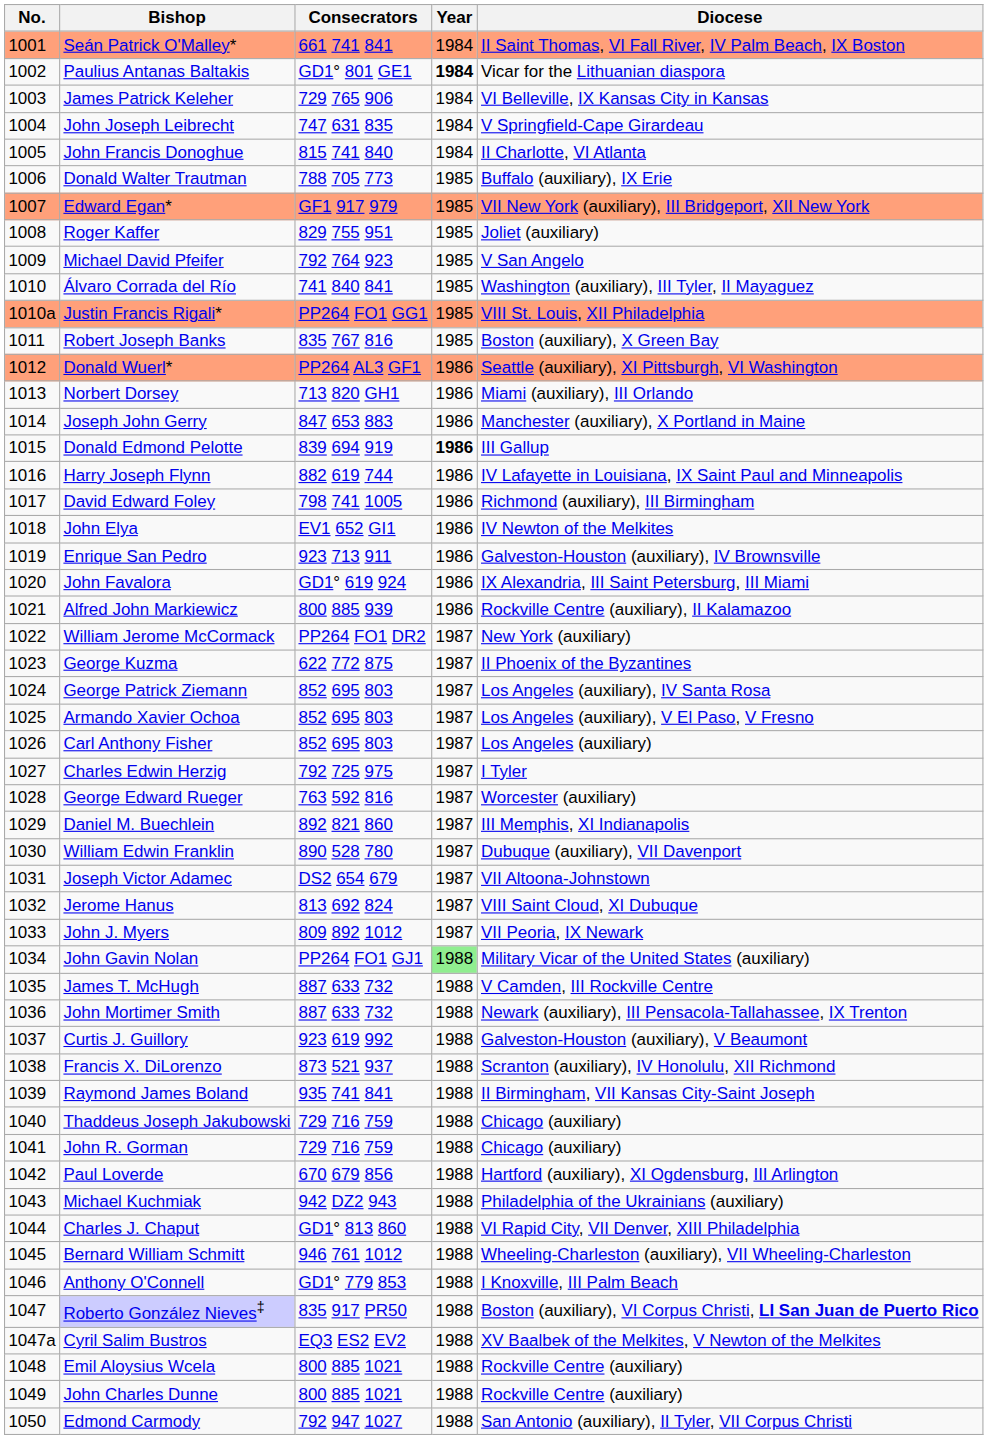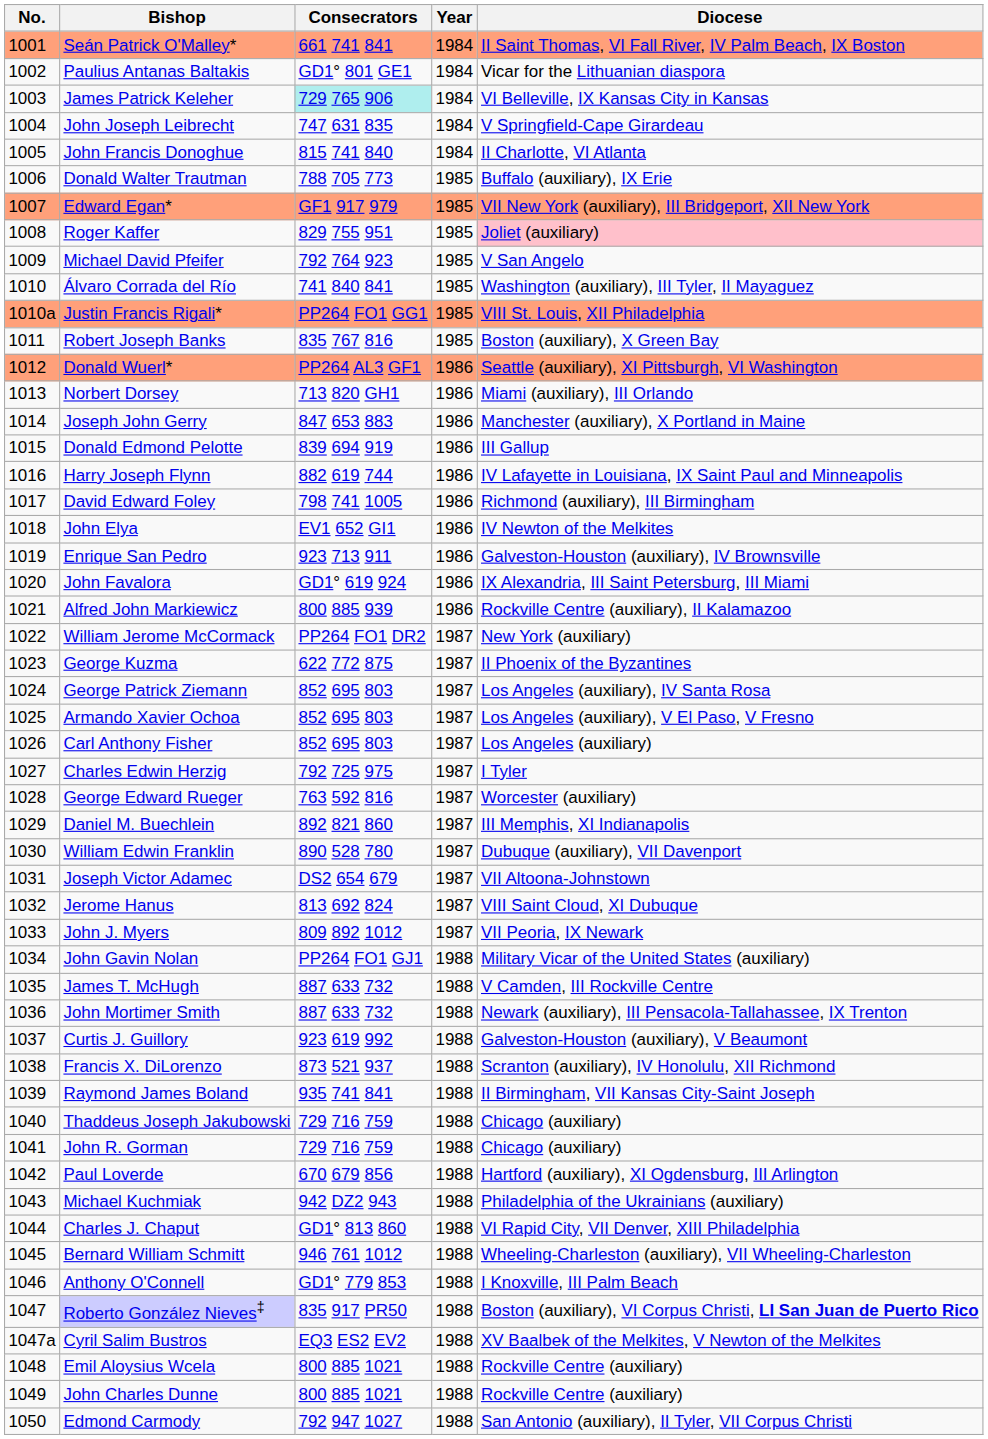 <table class="wikitable">
 <tr>
 <th>No.</th>
 <th>Bishop</th>
 <th>Consecrators</th>
 <th>Year</th>
 <th>Diocese</th>
 </tr>
 <tr bgcolor="#FFA07A">
 <td>1001</td>
 <td><a href='#'>Seán Patrick O'Malley</a>*</td>
 <td><a href='#'>661</a> <a href='#'>741</a> <a href='#'>841</a></td>
 <td>1984</td>
 <td><a href='#'>II Saint Thomas</a>, <a href='#'>VI Fall River</a>, <a href='#'>IV Palm Beach</a>, <a href='#'>IX Boston</a></td>
 </tr>
 <tr>
 <td>1002</td>
 <td><a href='#'>Paulius Antanas Baltakis</a></td>
 <td><a href='#'>GD1</a>° <a href='#'>801</a> <a href='#'>GE1</a></td>
-<td><strong>1984</strong></td>
+<td>1984</td>
 <td>Vicar for the <a href='#'>Lithuanian diaspora</a></td>
 </tr>
 <tr>
 <td>1003</td>
 <td><a href='#'>James Patrick Keleher</a></td>
-<td><a href='#'>729</a> <a href='#'>765</a> <a href='#'>906</a></td>
+<td style="background: paleturquoise;"><a href='#'>729</a> <a href='#'>765</a> <a href='#'>906</a></td>
 <td>1984</td>
 <td><a href='#'>VI Belleville</a>, <a href='#'>IX Kansas City in Kansas</a></td>
 </tr>
 <tr>
 <td>1004</td>
 <td><a href='#'>John Joseph Leibrecht</a></td>
 <td><a href='#'>747</a> <a href='#'>631</a> <a href='#'>835</a></td>
 <td>1984</td>
 <td><a href='#'>V Springfield-Cape Girardeau</a></td>
 </tr>
 <tr>
 <td>1005</td>
 <td><a href='#'>John Francis Donoghue</a></td>
 <td><a href='#'>815</a> <a href='#'>741</a> <a href='#'>840</a></td>
 <td>1984</td>
 <td><a href='#'>II Charlotte</a>, <a href='#'>VI Atlanta</a></td>
 </tr>
 <tr>
 <td>1006</td>
 <td><a href='#'>Donald Walter Trautman</a></td>
 <td><a href='#'>788</a> <a href='#'>705</a> <a href='#'>773</a></td>
 <td>1985</td>
 <td><a href='#'>Buffalo</a> (auxiliary), <a href='#'>IX Erie</a></td>
 </tr>
 <tr bgcolor="#FFA07A">
 <td>1007</td>
 <td><a href='#'>Edward Egan</a>*</td>
 <td><a href='#'>GF1</a> <a href='#'>917</a> <a href='#'>979</a></td>
 <td>1985</td>
 <td><a href='#'>VII New York</a> (auxiliary), <a href='#'>III Bridgeport</a>, <a href='#'>XII New York</a></td>
 </tr>
 <tr>
 <td>1008</td>
 <td><a href='#'>Roger Kaffer</a></td>
 <td><a href='#'>829</a> <a href='#'>755</a> <a href='#'>951</a></td>
 <td>1985</td>
-<td><a href='#'>Joliet</a> (auxiliary)</td>
+<td style="background: pink;"><a href='#'>Joliet</a> (auxiliary)</td>
 </tr>
 <tr>
 <td>1009</td>
 <td><a href='#'>Michael David Pfeifer</a></td>
 <td><a href='#'>792</a> <a href='#'>764</a> <a href='#'>923</a></td>
 <td>1985</td>
 <td><a href='#'>V San Angelo</a></td>
 </tr>
 <tr>
 <td>1010</td>
 <td><a href='#'>Álvaro Corrada del Río</a></td>
 <td><a href='#'>741</a> <a href='#'>840</a> <a href='#'>841</a></td>
 <td>1985</td>
 <td><a href='#'>Washington</a> (auxiliary), <a href='#'>III Tyler</a>, <a href='#'>II Mayaguez</a></td>
 </tr>
 <tr bgcolor="#FFA07A">
 <td>1010a</td>
 <td><a href='#'>Justin Francis Rigali</a>*</td>
 <td><a href='#'>PP264</a> <a href='#'>FO1</a> <a href='#'>GG1</a></td>
 <td>1985</td>
 <td><a href='#'>VIII St. Louis</a>, <a href='#'>XII Philadelphia</a></td>
 </tr>
 <tr>
 <td>1011</td>
 <td><a href='#'>Robert Joseph Banks</a></td>
 <td><a href='#'>835</a> <a href='#'>767</a> <a href='#'>816</a></td>
 <td>1985</td>
 <td><a href='#'>Boston</a> (auxiliary), <a href='#'>X Green Bay</a></td>
 </tr>
 <tr bgcolor="#FFA07A">
 <td>1012</td>
 <td><a href='#'>Donald Wuerl</a>*</td>
 <td><a href='#'>PP264</a> <a href='#'>AL3</a> <a href='#'>GF1</a></td>
 <td>1986</td>
 <td><a href='#'>Seattle</a> (auxiliary), <a href='#'>XI Pittsburgh</a>, <a href='#'>VI Washington</a></td>
 </tr>
 <tr>
 <td>1013</td>
 <td><a href='#'>Norbert Dorsey</a></td>
 <td><a href='#'>713</a> <a href='#'>820</a> <a href='#'>GH1</a></td>
 <td>1986</td>
 <td><a href='#'>Miami</a> (auxiliary), <a href='#'>III Orlando</a></td>
 </tr>
 <tr>
 <td>1014</td>
 <td><a href='#'>Joseph John Gerry</a></td>
 <td><a href='#'>847</a> <a href='#'>653</a> <a href='#'>883</a></td>
 <td>1986</td>
 <td><a href='#'>Manchester</a> (auxiliary), <a href='#'>X Portland in Maine</a></td>
 </tr>
 <tr>
 <td>1015</td>
 <td><a href='#'>Donald Edmond Pelotte</a></td>
 <td><a href='#'>839</a> <a href='#'>694</a> <a href='#'>919</a></td>
-<td><strong>1986</strong></td>
+<td>1986</td>
 <td><a href='#'>III Gallup</a></td>
 </tr>
 <tr>
 <td>1016</td>
 <td><a href='#'>Harry Joseph Flynn</a></td>
 <td><a href='#'>882</a> <a href='#'>619</a> <a href='#'>744</a></td>
 <td>1986</td>
 <td><a href='#'>IV Lafayette in Louisiana</a>, <a href='#'>IX Saint Paul and Minneapolis</a></td>
 </tr>
 <tr>
 <td>1017</td>
 <td><a href='#'>David Edward Foley</a></td>
 <td><a href='#'>798</a> <a href='#'>741</a> <a href='#'>1005</a></td>
 <td>1986</td>
 <td><a href='#'>Richmond</a> (auxiliary), <a href='#'>III Birmingham</a></td>
 </tr>
 <tr>
 <td>1018</td>
 <td><a href='#'>John Elya</a></td>
 <td><a href='#'>EV1</a> <a href='#'>652</a> <a href='#'>GI1</a></td>
 <td>1986</td>
 <td><a href='#'>IV Newton of the Melkites</a></td>
 </tr>
 <tr>
 <td>1019</td>
 <td><a href='#'>Enrique San Pedro</a></td>
 <td><a href='#'>923</a> <a href='#'>713</a> <a href='#'>911</a></td>
 <td>1986</td>
 <td><a href='#'>Galveston-Houston</a> (auxiliary), <a href='#'>IV Brownsville</a></td>
 </tr>
 <tr>
 <td>1020</td>
 <td><a href='#'>John Favalora</a></td>
 <td><a href='#'>GD1</a>° <a href='#'>619</a> <a href='#'>924</a></td>
 <td>1986</td>
 <td><a href='#'>IX Alexandria</a>, <a href='#'>III Saint Petersburg</a>, <a href='#'>III Miami</a></td>
 </tr>
 <tr>
 <td>1021</td>
 <td><a href='#'>Alfred John Markiewicz</a></td>
 <td><a href='#'>800</a> <a href='#'>885</a> <a href='#'>939</a></td>
 <td>1986</td>
 <td><a href='#'>Rockville Centre</a> (auxiliary), <a href='#'>II Kalamazoo</a></td>
 </tr>
 <tr>
 <td>1022</td>
 <td><a href='#'>William Jerome McCormack</a></td>
 <td><a href='#'>PP264</a> <a href='#'>FO1</a> <a href='#'>DR2</a></td>
 <td>1987</td>
 <td><a href='#'>New York</a> (auxiliary)</td>
 </tr>
 <tr>
 <td>1023</td>
 <td><a href='#'>George Kuzma</a></td>
 <td><a href='#'>622</a> <a href='#'>772</a> <a href='#'>875</a></td>
 <td>1987</td>
 <td><a href='#'>II Phoenix of the Byzantines</a></td>
 </tr>
 <tr>
 <td>1024</td>
 <td><a href='#'>George Patrick Ziemann</a></td>
 <td><a href='#'>852</a> <a href='#'>695</a> <a href='#'>803</a></td>
 <td>1987</td>
 <td><a href='#'>Los Angeles</a> (auxiliary), <a href='#'>IV Santa Rosa</a></td>
 </tr>
 <tr>
 <td>1025</td>
 <td><a href='#'>Armando Xavier Ochoa</a></td>
 <td><a href='#'>852</a> <a href='#'>695</a> <a href='#'>803</a></td>
 <td>1987</td>
 <td><a href='#'>Los Angeles</a> (auxiliary), <a href='#'>V El Paso</a>, <a href='#'>V Fresno</a></td>
 </tr>
 <tr>
 <td>1026</td>
 <td><a href='#'>Carl Anthony Fisher</a></td>
 <td><a href='#'>852</a> <a href='#'>695</a> <a href='#'>803</a></td>
 <td>1987</td>
 <td><a href='#'>Los Angeles</a> (auxiliary)</td>
 </tr>
 <tr>
 <td>1027</td>
 <td><a href='#'>Charles Edwin Herzig</a></td>
 <td><a href='#'>792</a> <a href='#'>725</a> <a href='#'>975</a></td>
 <td>1987</td>
 <td><a href='#'>I Tyler</a></td>
 </tr>
 <tr>
 <td>1028</td>
 <td><a href='#'>George Edward Rueger</a></td>
 <td><a href='#'>763</a> <a href='#'>592</a> <a href='#'>816</a></td>
 <td>1987</td>
 <td><a href='#'>Worcester</a> (auxiliary)</td>
 </tr>
 <tr>
 <td>1029</td>
 <td><a href='#'>Daniel M. Buechlein</a></td>
 <td><a href='#'>892</a> <a href='#'>821</a> <a href='#'>860</a></td>
 <td>1987</td>
 <td><a href='#'>III Memphis</a>, <a href='#'>XI Indianapolis</a></td>
 </tr>
 <tr>
 <td>1030</td>
 <td><a href='#'>William Edwin Franklin</a></td>
 <td><a href='#'>890</a> <a href='#'>528</a> <a href='#'>780</a></td>
 <td>1987</td>
 <td><a href='#'>Dubuque</a> (auxiliary), <a href='#'>VII Davenport</a></td>
 </tr>
 <tr>
 <td>1031</td>
 <td><a href='#'>Joseph Victor Adamec</a></td>
 <td><a href='#'>DS2</a> <a href='#'>654</a> <a href='#'>679</a></td>
 <td>1987</td>
 <td><a href='#'>VII Altoona-Johnstown</a></td>
 </tr>
 <tr>
 <td>1032</td>
 <td><a href='#'>Jerome Hanus</a></td>
 <td><a href='#'>813</a> <a href='#'>692</a> <a href='#'>824</a></td>
 <td>1987</td>
 <td><a href='#'>VIII Saint Cloud</a>, <a href='#'>XI Dubuque</a></td>
 </tr>
 <tr>
 <td>1033</td>
 <td><a href='#'>John J. Myers</a></td>
 <td><a href='#'>809</a> <a href='#'>892</a> <a href='#'>1012</a></td>
 <td>1987</td>
 <td><a href='#'>VII Peoria</a>, <a href='#'>IX Newark</a></td>
 </tr>
 <tr>
 <td>1034</td>
 <td><a href='#'>John Gavin Nolan</a></td>
 <td><a href='#'>PP264</a> <a href='#'>FO1</a> <a href='#'>GJ1</a></td>
-<td style="background: lightgreen;">1988</td>
+<td>1988</td>
 <td><a href='#'>Military Vicar of the United States</a> (auxiliary)</td>
 </tr>
 <tr>
 <td>1035</td>
 <td><a href='#'>James T. McHugh</a></td>
 <td><a href='#'>887</a> <a href='#'>633</a> <a href='#'>732</a></td>
 <td>1988</td>
 <td><a href='#'>V Camden</a>, <a href='#'>III Rockville Centre</a></td>
 </tr>
 <tr>
 <td>1036</td>
 <td><a href='#'>John Mortimer Smith</a></td>
 <td><a href='#'>887</a> <a href='#'>633</a> <a href='#'>732</a></td>
 <td>1988</td>
 <td><a href='#'>Newark</a> (auxiliary), <a href='#'>III Pensacola-Tallahassee</a>, <a href='#'>IX Trenton</a></td>
 </tr>
 <tr>
 <td>1037</td>
 <td><a href='#'>Curtis J. Guillory</a></td>
 <td><a href='#'>923</a> <a href='#'>619</a> <a href='#'>992</a></td>
 <td>1988</td>
 <td><a href='#'>Galveston-Houston</a> (auxiliary), <a href='#'>V Beaumont</a></td>
 </tr>
 <tr>
 <td>1038</td>
 <td><a href='#'>Francis X. DiLorenzo</a></td>
 <td><a href='#'>873</a> <a href='#'>521</a> <a href='#'>937</a></td>
 <td>1988</td>
 <td><a href='#'>Scranton</a> (auxiliary), <a href='#'>IV Honolulu</a>, <a href='#'>XII Richmond</a></td>
 </tr>
 <tr>
 <td>1039</td>
 <td><a href='#'>Raymond James Boland</a></td>
 <td><a href='#'>935</a> <a href='#'>741</a> <a href='#'>841</a></td>
 <td>1988</td>
 <td><a href='#'>II Birmingham</a>, <a href='#'>VII Kansas City-Saint Joseph</a></td>
 </tr>
 <tr>
 <td>1040</td>
 <td><a href='#'>Thaddeus Joseph Jakubowski</a></td>
 <td><a href='#'>729</a> <a href='#'>716</a> <a href='#'>759</a></td>
 <td>1988</td>
 <td><a href='#'>Chicago</a> (auxiliary)</td>
 </tr>
 <tr>
 <td>1041</td>
 <td><a href='#'>John R. Gorman</a></td>
 <td><a href='#'>729</a> <a href='#'>716</a> <a href='#'>759</a></td>
 <td>1988</td>
 <td><a href='#'>Chicago</a> (auxiliary)</td>
 </tr>
 <tr>
 <td>1042</td>
 <td><a href='#'>Paul Loverde</a></td>
 <td><a href='#'>670</a> <a href='#'>679</a> <a href='#'>856</a></td>
 <td>1988</td>
 <td><a href='#'>Hartford</a> (auxiliary), <a href='#'>XI Ogdensburg</a>, <a href='#'>III Arlington</a></td>
 </tr>
 <tr>
 <td>1043</td>
 <td><a href='#'>Michael Kuchmiak</a></td>
 <td><a href='#'>942</a> <a href='#'>DZ2</a> <a href='#'>943</a></td>
 <td>1988</td>
 <td><a href='#'>Philadelphia of the Ukrainians</a> (auxiliary)</td>
 </tr>
 <tr>
 <td>1044</td>
 <td><a href='#'>Charles J. Chaput</a></td>
 <td><a href='#'>GD1</a>° <a href='#'>813</a> <a href='#'>860</a></td>
 <td>1988</td>
 <td><a href='#'>VI Rapid City</a>, <a href='#'>VII Denver</a>, <a href='#'>XIII Philadelphia</a></td>
 </tr>
 <tr>
 <td>1045</td>
 <td><a href='#'>Bernard William Schmitt</a></td>
 <td><a href='#'>946</a> <a href='#'>761</a> <a href='#'>1012</a></td>
 <td>1988</td>
 <td><a href='#'>Wheeling-Charleston</a> (auxiliary), <a href='#'>VII Wheeling-Charleston</a></td>
 </tr>
 <tr>
 <td>1046</td>
 <td><a href='#'>Anthony O'Connell</a></td>
 <td><a href='#'>GD1</a>° <a href='#'>779</a> <a href='#'>853</a></td>
 <td>1988</td>
 <td><a href='#'>I Knoxville</a>, <a href='#'>III Palm Beach</a></td>
 </tr>
 <tr>
 <td>1047</td>
 <td bgcolor="ccccff"><a href='#'>Roberto González Nieves</a><sup>‡</sup></td>
 <td><a href='#'>835</a> <a href='#'>917</a> <a href='#'>PR50</a></td>
 <td>1988</td>
 <td><a href='#'>Boston</a> (auxiliary), <a href='#'>VI Corpus Christi</a>, <strong><a href='#'>LI San Juan de Puerto Rico</a></strong></td>
 </tr>
 <tr>
 <td>1047a</td>
 <td><a href='#'>Cyril Salim Bustros</a></td>
 <td><a href='#'>EQ3</a> <a href='#'>ES2</a> <a href='#'>EV2</a></td>
 <td>1988</td>
 <td><a href='#'>XV Baalbek of the Melkites</a>, <a href='#'>V Newton of the Melkites</a></td>
 </tr>
 <tr>
 <td>1048</td>
 <td><a href='#'>Emil Aloysius Wcela</a></td>
 <td><a href='#'>800</a> <a href='#'>885</a> <a href='#'>1021</a></td>
 <td>1988</td>
 <td><a href='#'>Rockville Centre</a> (auxiliary)</td>
 </tr>
 <tr>
 <td>1049</td>
 <td><a href='#'>John Charles Dunne</a></td>
 <td><a href='#'>800</a> <a href='#'>885</a> <a href='#'>1021</a></td>
 <td>1988</td>
 <td><a href='#'>Rockville Centre</a> (auxiliary)</td>
 </tr>
 <tr>
 <td>1050</td>
 <td><a href='#'>Edmond Carmody</a></td>
 <td><a href='#'>792</a> <a href='#'>947</a> <a href='#'>1027</a></td>
 <td>1988</td>
 <td><a href='#'>San Antonio</a> (auxiliary), <a href='#'>II Tyler</a>, <a href='#'>VII Corpus Christi</a></td>
 </tr>
 </table>
